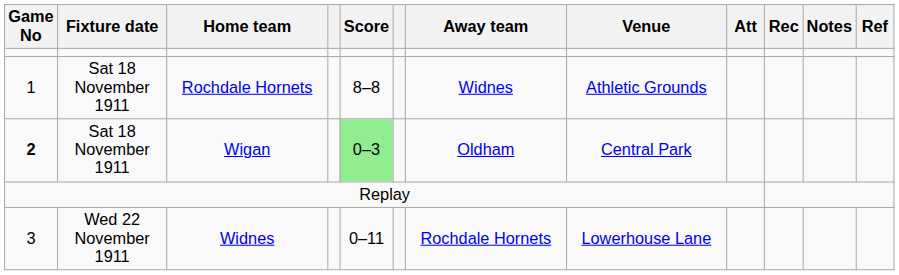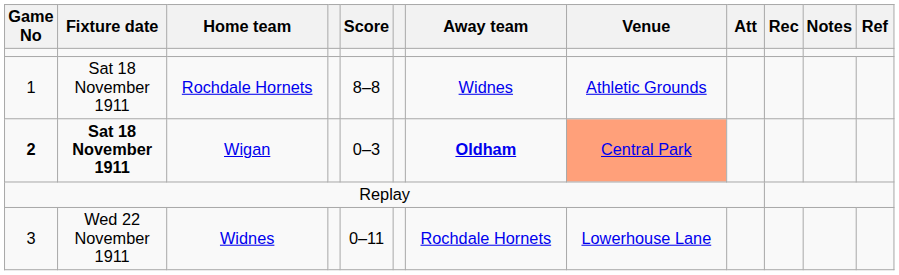 <table class="wikitable" style="text-align:center;">
 <tr>
 <th width=20 abbr="No">Game No</th>
 <th width=100 abbr="Date">Fixture date</th>
 <th width=150 abbr="Home team">Home team</th>
 <th width=5 abbr="space"></th>
 <th width=20 abbr="Score">Score</th>
 <th width=5 abbr="space"></th>
 <th width=150 abbr="Away team">Away team</th>
 <th width=150 abbr="Venue">Venue</th>
 <th width=30 abbr="Att">Att</th>
 <th width=30 abbr="Rec">Rec</th>
 <th width=20 abbr="Notes">Notes</th>
 <th width=30 abbr="Ref">Ref</th>
 </tr>
 <tr>
 <td></td>
 <td></td>
 <td></td>
 <td></td>
 <td></td>
 <td></td>
 <td></td>
 <td></td>
 <td></td>
 <td></td>
 </tr>
 <tr>
 <td>1</td>
 <td>Sat 18 November 1911</td>
 <td><a href='#'>Rochdale Hornets</a></td>
 <td></td>
 <td>8–8</td>
 <td></td>
 <td><a href='#'>Widnes</a></td>
 <td><a href='#'>Athletic Grounds</a></td>
 <td></td>
 <td></td>
 <td></td>
 <td></td>
 </tr>
 <tr>
 <td><strong>2</strong></td>
-<td>Sat 18 November 1911</td>
+<td><strong>Sat 18 November 1911</strong></td>
 <td><a href='#'>Wigan</a></td>
 <td></td>
-<td style="background: lightgreen;">0–3</td>
+<td>0–3</td>
 <td></td>
-<td><a href='#'>Oldham</a></td>
-<td><a href='#'>Central Park</a></td>
+<td><strong><a href='#'>Oldham</a></strong></td>
+<td style="background: lightsalmon;"><a href='#'>Central Park</a></td>
 <td></td>
 <td></td>
 <td></td>
 <td></td>
 </tr>
 <tr>
 <td colspan="9">Replay</td>
 </tr>
 <tr>
 <td>3</td>
 <td>Wed 22 November 1911</td>
 <td><a href='#'>Widnes</a></td>
 <td></td>
 <td>0–11</td>
 <td></td>
 <td><a href='#'>Rochdale Hornets</a></td>
 <td><a href='#'>Lowerhouse Lane</a></td>
 <td></td>
 <td></td>
 <td></td>
 <td></td>
 </tr>
 </table>
